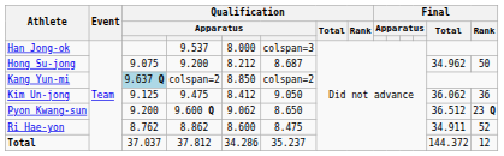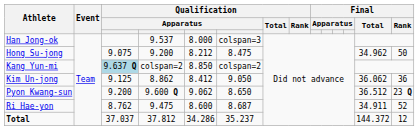 <table class="wikitable" style="font-size:90%">
 <tr>
 <th rowspan=3>Athlete</th>
 <th rowspan=3>Event</th>
 <th colspan=6>Qualification</th>
 <th colspan=6>Final</th>
 </tr>
 <tr style="font-size:95%">
 <th colspan=4>Apparatus</th>
 <th rowspan=2>Total</th>
 <th rowspan=2>Rank</th>
 <th colspan=4>Apparatus</th>
 <th rowspan=2>Total</th>
 <th rowspan=2>Rank</th>
 </tr>
 <tr style="font-size:95%">
 <th></th>
 <th></th>
 <th></th>
 <th></th>
 <th></th>
 <th></th>
 <th></th>
 <th></th>
 </tr>
 <tr align=center>
 <td align=left><a href='#'>Han Jong-ok</a></td>
 <td align=left rowspan=7><a href='#'>Team</a></td>
 <td></td>
 <td>9.537</td>
 <td>8.000</td>
 <td>colspan=3 </td>
 <td colspan=6 rowspan=7>Did not advance</td>
 </tr>
 <tr align=center>
 <td align=left><a href='#'>Hong Su-jong</a></td>
 <td>9.075</td>
 <td>9.200</td>
 <td>8.212</td>
-<td>8.687</td>
+<td>8.475</td>
 <td>34.962</td>
 <td>50</td>
 </tr>
 <tr align=center>
 <td align=left><a href='#'>Kang Yun-mi</a></td>
 <td style="background: lightblue;">9.637 <strong>Q</strong></td>
 <td>colspan=2 </td>
 <td>8.850</td>
 <td>colspan=2 </td>
 </tr>
 <tr align=center>
 <td align=left><a href='#'>Kim Un-jong</a></td>
 <td>9.125</td>
-<td>9.475</td>
+<td>8.862</td>
 <td>8.412</td>
 <td>9.050</td>
 <td>36.062</td>
 <td>36</td>
 </tr>
 <tr align=center>
 <td align=left><a href='#'>Pyon Kwang-sun</a></td>
 <td>9.200</td>
 <td>9.600 <strong>Q</strong></td>
 <td>9.062</td>
 <td>8.650</td>
 <td>36.512</td>
 <td>23 <strong>Q</strong></td>
 </tr>
 <tr align=center>
 <td align=left><a href='#'>Ri Hae-yon</a></td>
 <td>8.762</td>
-<td>8.862</td>
+<td>9.475</td>
 <td>8.600</td>
-<td>8.475</td>
+<td>8.687</td>
 <td>34.911</td>
 <td>52</td>
 </tr>
 <tr align=center>
 <td align=left><strong>Total</strong></td>
 <td>37.037</td>
 <td>37.812</td>
 <td>34.286</td>
 <td>35.237</td>
 <td>144.372</td>
 <td>12</td>
 </tr>
 </table>
